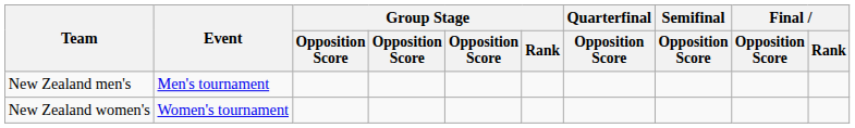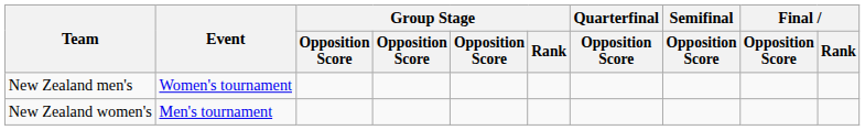 <table class="wikitable" style="font-size:90%">
 <tr>
 <th rowspan=2>Team</th>
 <th rowspan=2>Event</th>
 <th colspan=4>Group Stage</th>
 <th>Quarterfinal</th>
 <th>Semifinal</th>
 <th colspan=2>Final / </th>
 </tr>
 <tr style="font-size:95%">
 <th>Opposition<br>Score</th>
 <th>Opposition<br>Score</th>
 <th>Opposition<br>Score</th>
 <th>Rank</th>
 <th>Opposition<br>Score</th>
 <th>Opposition<br>Score</th>
 <th>Opposition<br>Score</th>
 <th>Rank</th>
 </tr>
 <tr align=center>
 <td align=left>New Zealand men's</td>
-<td align=left><a href='#'>Men's tournament</a></td>
+<td align=left><a href='#'>Women's tournament</a></td>
 <td></td>
 <td></td>
 <td></td>
 <td></td>
 <td></td>
 <td></td>
 <td></td>
 <td></td>
 </tr>
 <tr align=center>
 <td align=left>New Zealand women's</td>
-<td align=left><a href='#'>Women's tournament</a></td>
+<td align=left><a href='#'>Men's tournament</a></td>
 <td></td>
 <td></td>
 <td></td>
 <td></td>
 <td></td>
 <td></td>
 <td></td>
 <td></td>
 </tr>
 </table>
